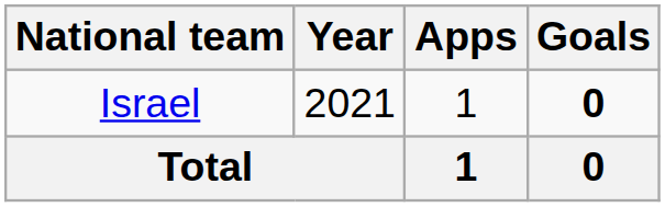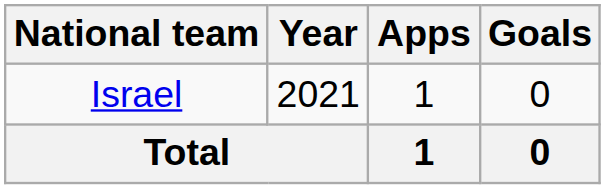 <table class="wikitable" style="text-align:center">
 <tr>
 <th>National team</th>
 <th>Year</th>
 <th>Apps</th>
 <th>Goals</th>
 </tr>
 <tr>
 <td rowspan="1"><a href='#'>Israel</a></td>
 <td>2021</td>
 <td>1</td>
-<td><strong>0</strong></td>
+<td>0</td>
 </tr>
 <tr>
 <th colspan="2">Total</th>
 <th>1</th>
 <th>0</th>
 </tr>
 </table>
